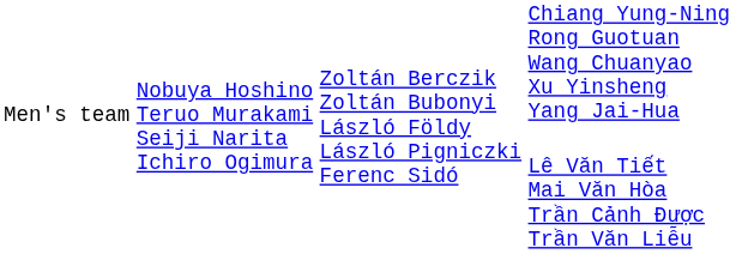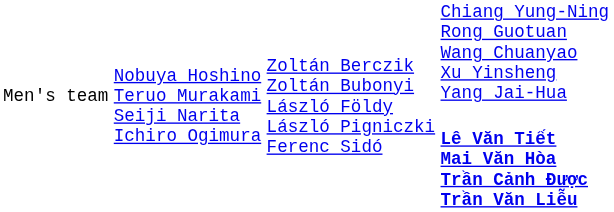 <table>
 <tr>
 <td rowspan=2>Men's team</td>
 <td rowspan=2><br><a href='#'>Nobuya Hoshino</a><br><a href='#'>Teruo Murakami</a><br><a href='#'>Seiji Narita</a><br><a href='#'>Ichiro Ogimura</a></td>
 <td rowspan=2><br><a href='#'>Zoltán Berczik</a><br><a href='#'>Zoltán Bubonyi</a><br><a href='#'>László Földy</a><br><a href='#'>László Pigniczki</a><br><a href='#'>Ferenc Sidó</a></td>
 <td><br><a href='#'>Chiang Yung-Ning</a><br><a href='#'>Rong Guotuan</a><br><a href='#'>Wang Chuanyao</a><br><a href='#'>Xu Yinsheng</a><br><a href='#'>Yang Jai-Hua</a></td>
 </tr>
 <tr>
-<td><br><a href='#'>Lê Văn Tiết</a><br><a href='#'>Mai Văn Hòa</a><br><a href='#'>Trần Cảnh Được</a><br><a href='#'>Trần Văn Liễu</a></td>
+<td><strong><br><a href='#'>Lê Văn Tiết</a><br><a href='#'>Mai Văn Hòa</a><br><a href='#'>Trần Cảnh Được</a><br><a href='#'>Trần Văn Liễu</a></strong></td>
 </tr>
 <tr>
 </tr>
 </table>
